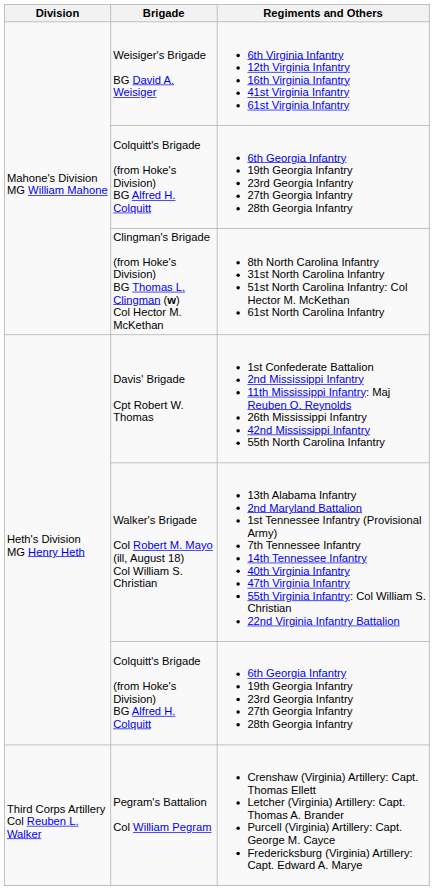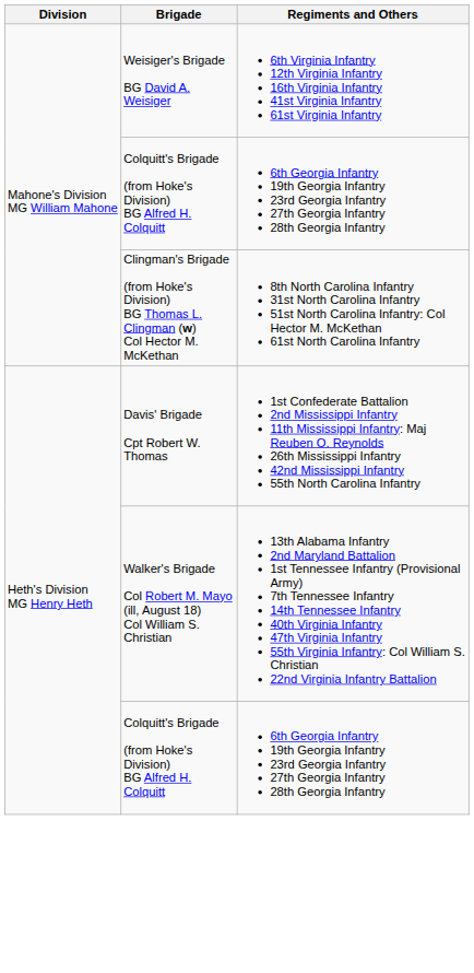 <table class="wikitable">
 <tr>
 <th style="width:25%;">Division</th>
 <th style="width:25%;">Brigade</th>
 <th>Regiments and Others</th>
 </tr>
 <tr>
 <td rowspan=3><br>Mahone's Division <br> MG <a href='#'>William Mahone</a></td>
 <td>Weisiger's Brigade<br><br> BG <a href='#'>David A. Weisiger</a></td>
 <td><br><ul><li><a href='#'>6th Virginia Infantry</a></li><li><a href='#'>12th Virginia Infantry</a></li><li><a href='#'>16th Virginia Infantry</a></li><li><a href='#'>41st Virginia Infantry</a></li><li><a href='#'>61st Virginia Infantry</a></li></ul></td>
 </tr>
 <tr>
 <td>Colquitt's Brigade<br><br>(from Hoke's Division) <br> BG <a href='#'>Alfred H. Colquitt</a></td>
 <td><br><ul><li><a href='#'>6th Georgia Infantry</a></li><li>19th Georgia Infantry</li><li>23rd Georgia Infantry</li><li>27th Georgia Infantry</li><li>28th Georgia Infantry</li></ul></td>
 </tr>
 <tr>
 <td>Clingman's Brigade<br><br>(from Hoke's Division) <br> BG <a href='#'>Thomas L. Clingman</a> (<strong>w</strong>) <br> Col Hector M. McKethan</td>
 <td><br><ul><li>8th North Carolina Infantry</li><li>31st North Carolina Infantry</li><li>51st North Carolina Infantry: Col Hector M. McKethan</li><li>61st North Carolina Infantry</li></ul></td>
 </tr>
 <tr>
 <td rowspan=3><br>Heth's Division <br> MG <a href='#'>Henry Heth</a></td>
 <td>Davis' Brigade<br><br> Cpt Robert W. Thomas</td>
 <td><br><ul><li>1st Confederate Battalion</li><li><a href='#'>2nd Mississippi Infantry</a></li><li><a href='#'>11th Mississippi Infantry</a>: Maj <a href='#'>Reuben O. Reynolds</a></li><li>26th Mississippi Infantry</li><li><a href='#'>42nd Mississippi Infantry</a></li><li>55th North Carolina Infantry</li></ul></td>
 </tr>
 <tr>
 <td>Walker's Brigade<br><br> Col <a href='#'>Robert M. Mayo</a> (ill, August 18) <br> Col William S. Christian</td>
 <td><br><ul><li>13th Alabama Infantry</li><li><a href='#'>2nd Maryland Battalion</a></li><li>1st Tennessee Infantry (Provisional Army)</li><li>7th Tennessee Infantry</li><li><a href='#'>14th Tennessee Infantry</a></li><li><a href='#'>40th Virginia Infantry</a></li><li><a href='#'>47th Virginia Infantry</a></li><li><a href='#'>55th Virginia Infantry</a>: Col William S. Christian</li><li><a href='#'>22nd Virginia Infantry Battalion</a></li></ul></td>
 </tr>
 <tr>
 <td>Colquitt's Brigade<br><br>(from Hoke's Division) <br> BG <a href='#'>Alfred H. Colquitt</a></td>
 <td><br><ul><li><a href='#'>6th Georgia Infantry</a></li><li>19th Georgia Infantry</li><li>23rd Georgia Infantry</li><li>27th Georgia Infantry</li><li>28th Georgia Infantry</li></ul></td>
 </tr>
-<tr>
-<td rowspan=1><br>Third Corps Artillery <br> Col <a href='#'>Reuben L. Walker</a></td>
-<td>Pegram's Battalion<br><br> Col <a href='#'>William Pegram</a></td>
-<td><br><ul><li>Crenshaw (Virginia) Artillery: Capt. Thomas Ellett</li><li>Letcher (Virginia) Artillery: Capt. Thomas A. Brander</li><li>Purcell (Virginia) Artillery: Capt. George M. Cayce</li><li>Fredericksburg (Virginia) Artillery: Capt. Edward A. Marye</li></ul></td>
-</tr>
 </table>
